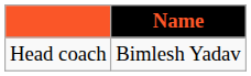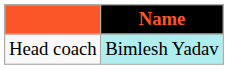 <table class="wikitable">
 <tr>
 <th colspan="1" style="background:#FA5628; color:#000000; text-align:center;"></th>
 <th colspan="1" style="background:#000000; color:#FA5628; text-align:center;">Name</th>
 </tr>
 <tr>
 <td>Head coach</td>
-<td> Bimlesh Yadav</td>
+<td style="background: paleturquoise;"> Bimlesh Yadav</td>
 </tr>
 </table>
